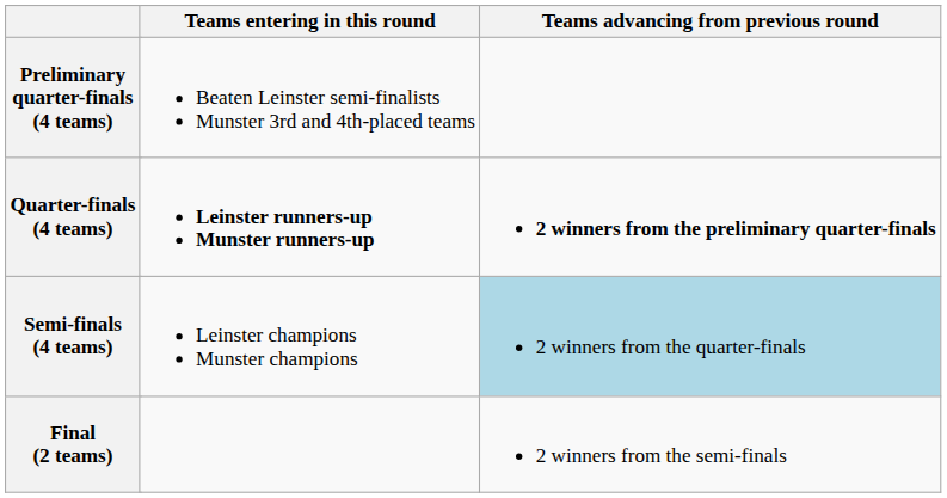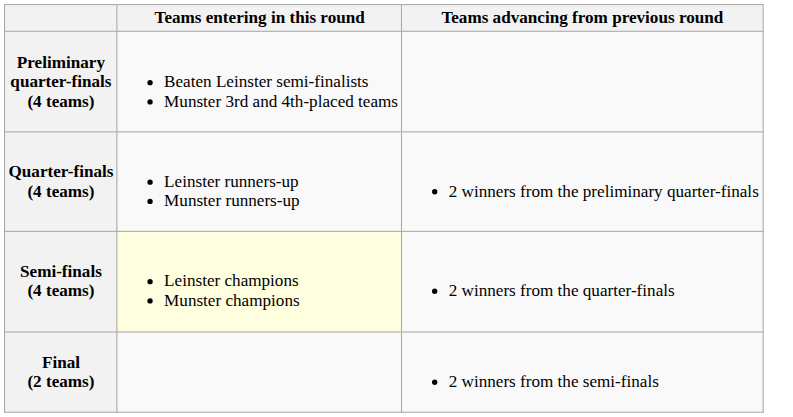 <table class="wikitable">
 <tr>
 <th colspan=2></th>
 <th>Teams entering in this round</th>
 <th>Teams advancing from previous round</th>
 </tr>
 <tr>
 <th colspan=2>Preliminary<br>quarter-finals<br>(4 teams)</th>
 <td><br><ul><li>Beaten Leinster semi-finalists</li><li>Munster 3rd and 4th-placed teams</li></ul></td>
 <td></td>
 </tr>
 <tr>
 <th colspan=2>Quarter-finals<br>(4 teams)</th>
-<td><strong><br><ul><li>Leinster runners-up</li><li>Munster runners-up</li></ul></strong></td>
-<td><strong><br><ul><li>2 winners from the preliminary quarter-finals</li></ul></strong></td>
+<td><br><ul><li>Leinster runners-up</li><li>Munster runners-up</li></ul></td>
+<td><br><ul><li>2 winners from the preliminary quarter-finals</li></ul></td>
 </tr>
 <tr>
 <th colspan=2>Semi-finals<br>(4 teams)</th>
-<td><br><ul><li>Leinster champions</li><li>Munster champions</li></ul></td>
-<td style="background: lightblue;"><br><ul><li>2 winners from the quarter-finals</li></ul></td>
+<td style="background: lightyellow;"><br><ul><li>Leinster champions</li><li>Munster champions</li></ul></td>
+<td><br><ul><li>2 winners from the quarter-finals</li></ul></td>
 </tr>
 <tr>
 <th colspan=2>Final<br>(2 teams)</th>
 <td></td>
 <td><br><ul><li>2 winners from the semi-finals</li></ul></td>
 </tr>
 </table>
